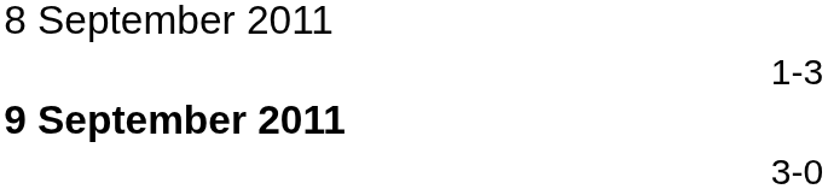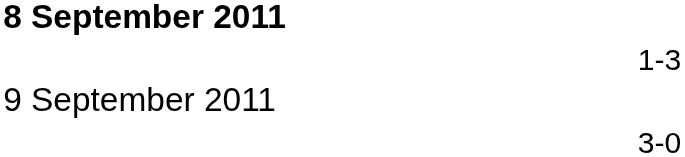 <table style="width:50%;" cellspacing="1">
 <tr>
 <th width=15%></th>
 <th width=10%></th>
 <th width=15%></th>
 </tr>
 <tr>
-<td>8 September 2011</td>
+<td><strong>8 September 2011</strong></td>
 </tr>
 <tr style=font-size:90%>
 <td align=right></td>
 <td align=center>1-3</td>
 <td></td>
 </tr>
 <tr>
-<td><strong>9 September 2011</strong></td>
+<td>9 September 2011</td>
 </tr>
 <tr style=font-size:90%>
 <td align=right></td>
 <td align=center>3-0</td>
 <td></td>
 </tr>
 </table>
